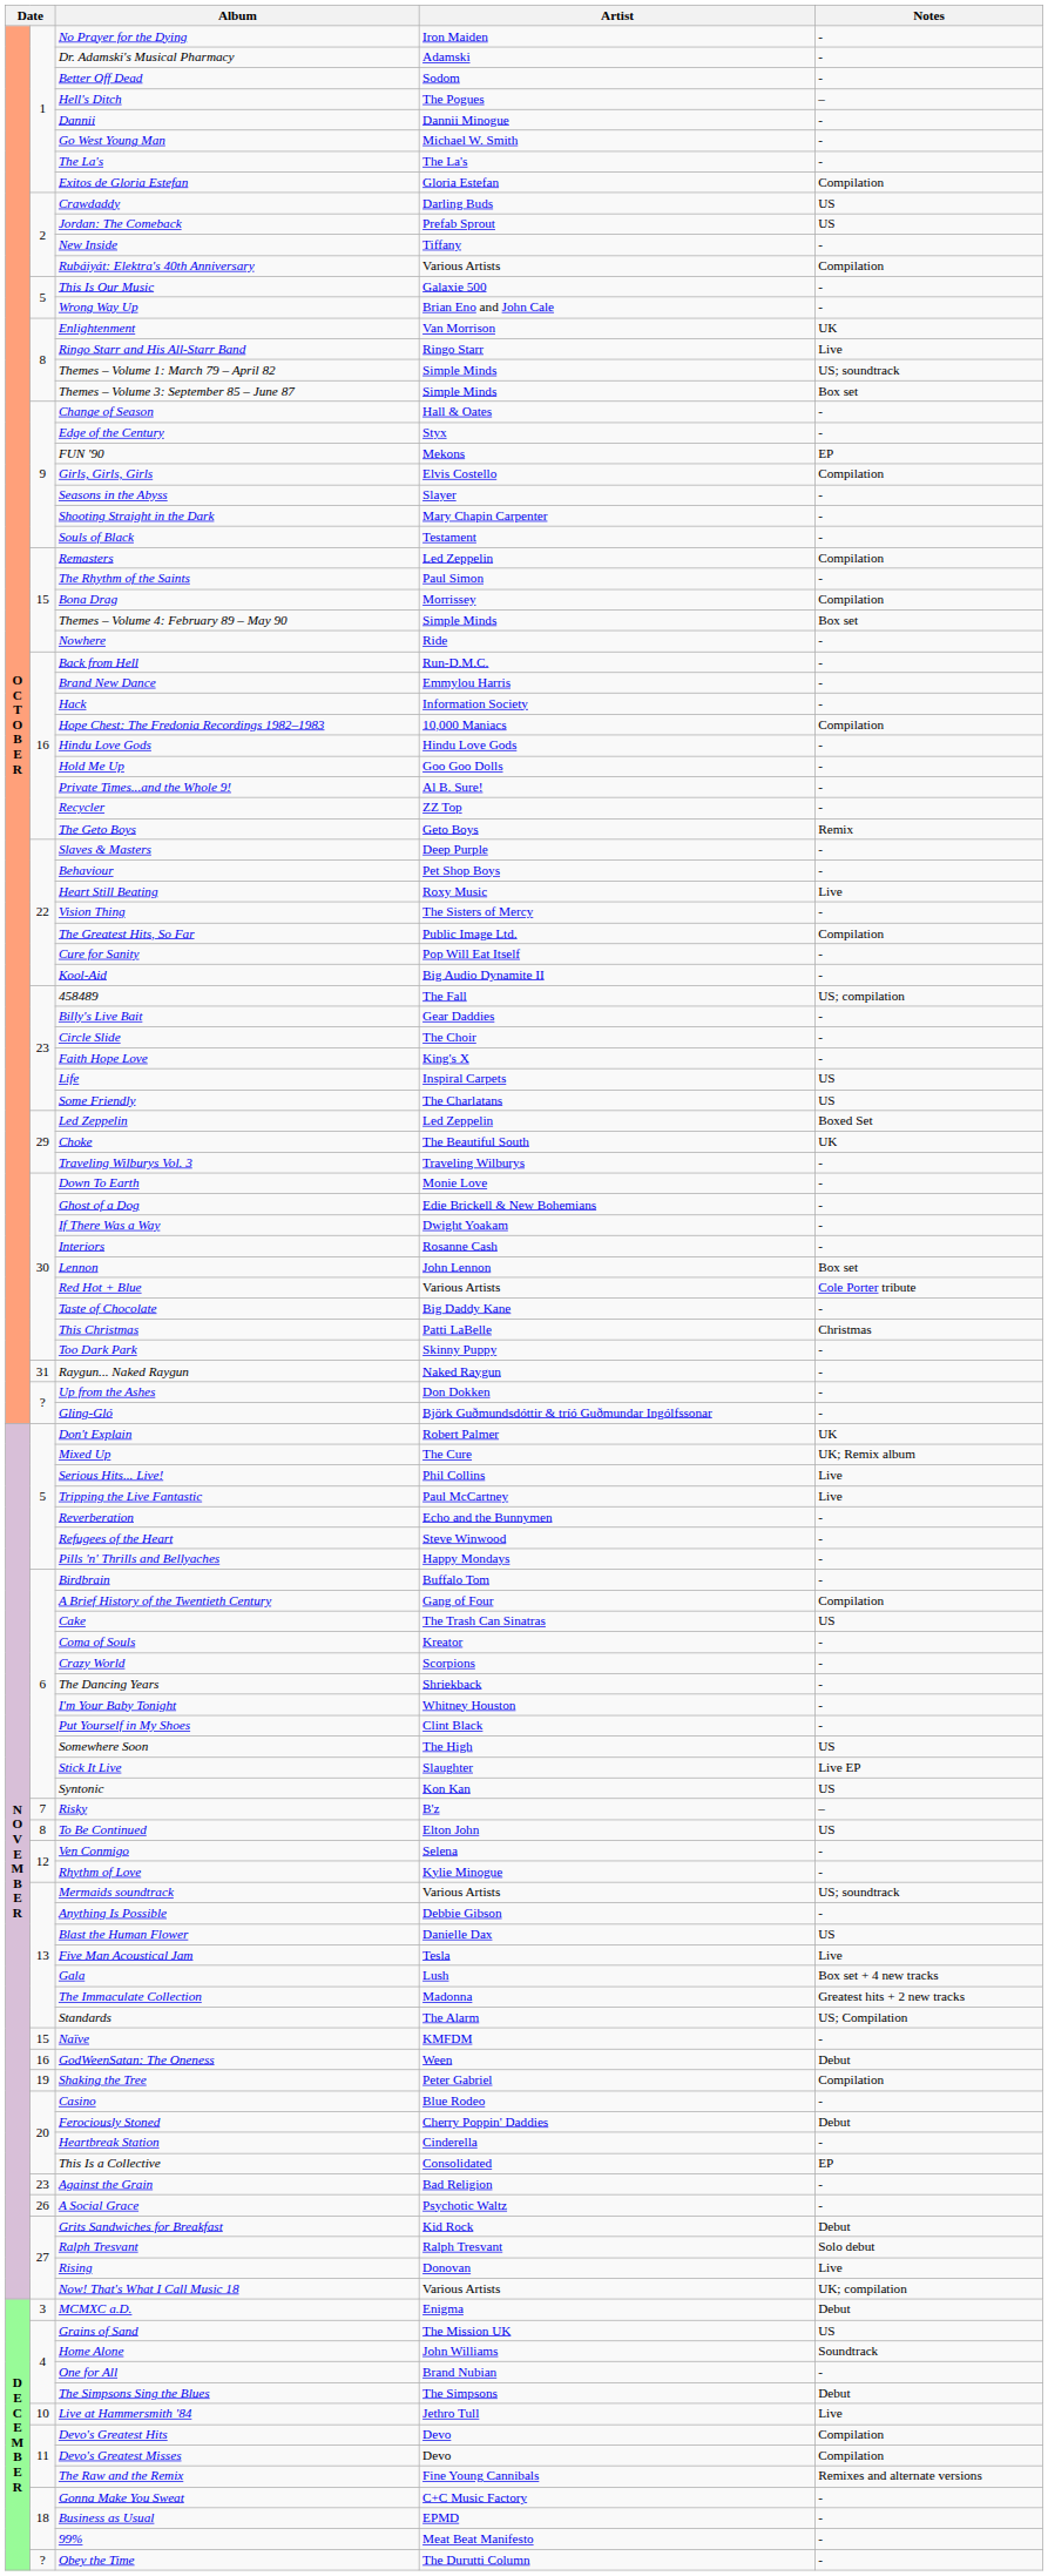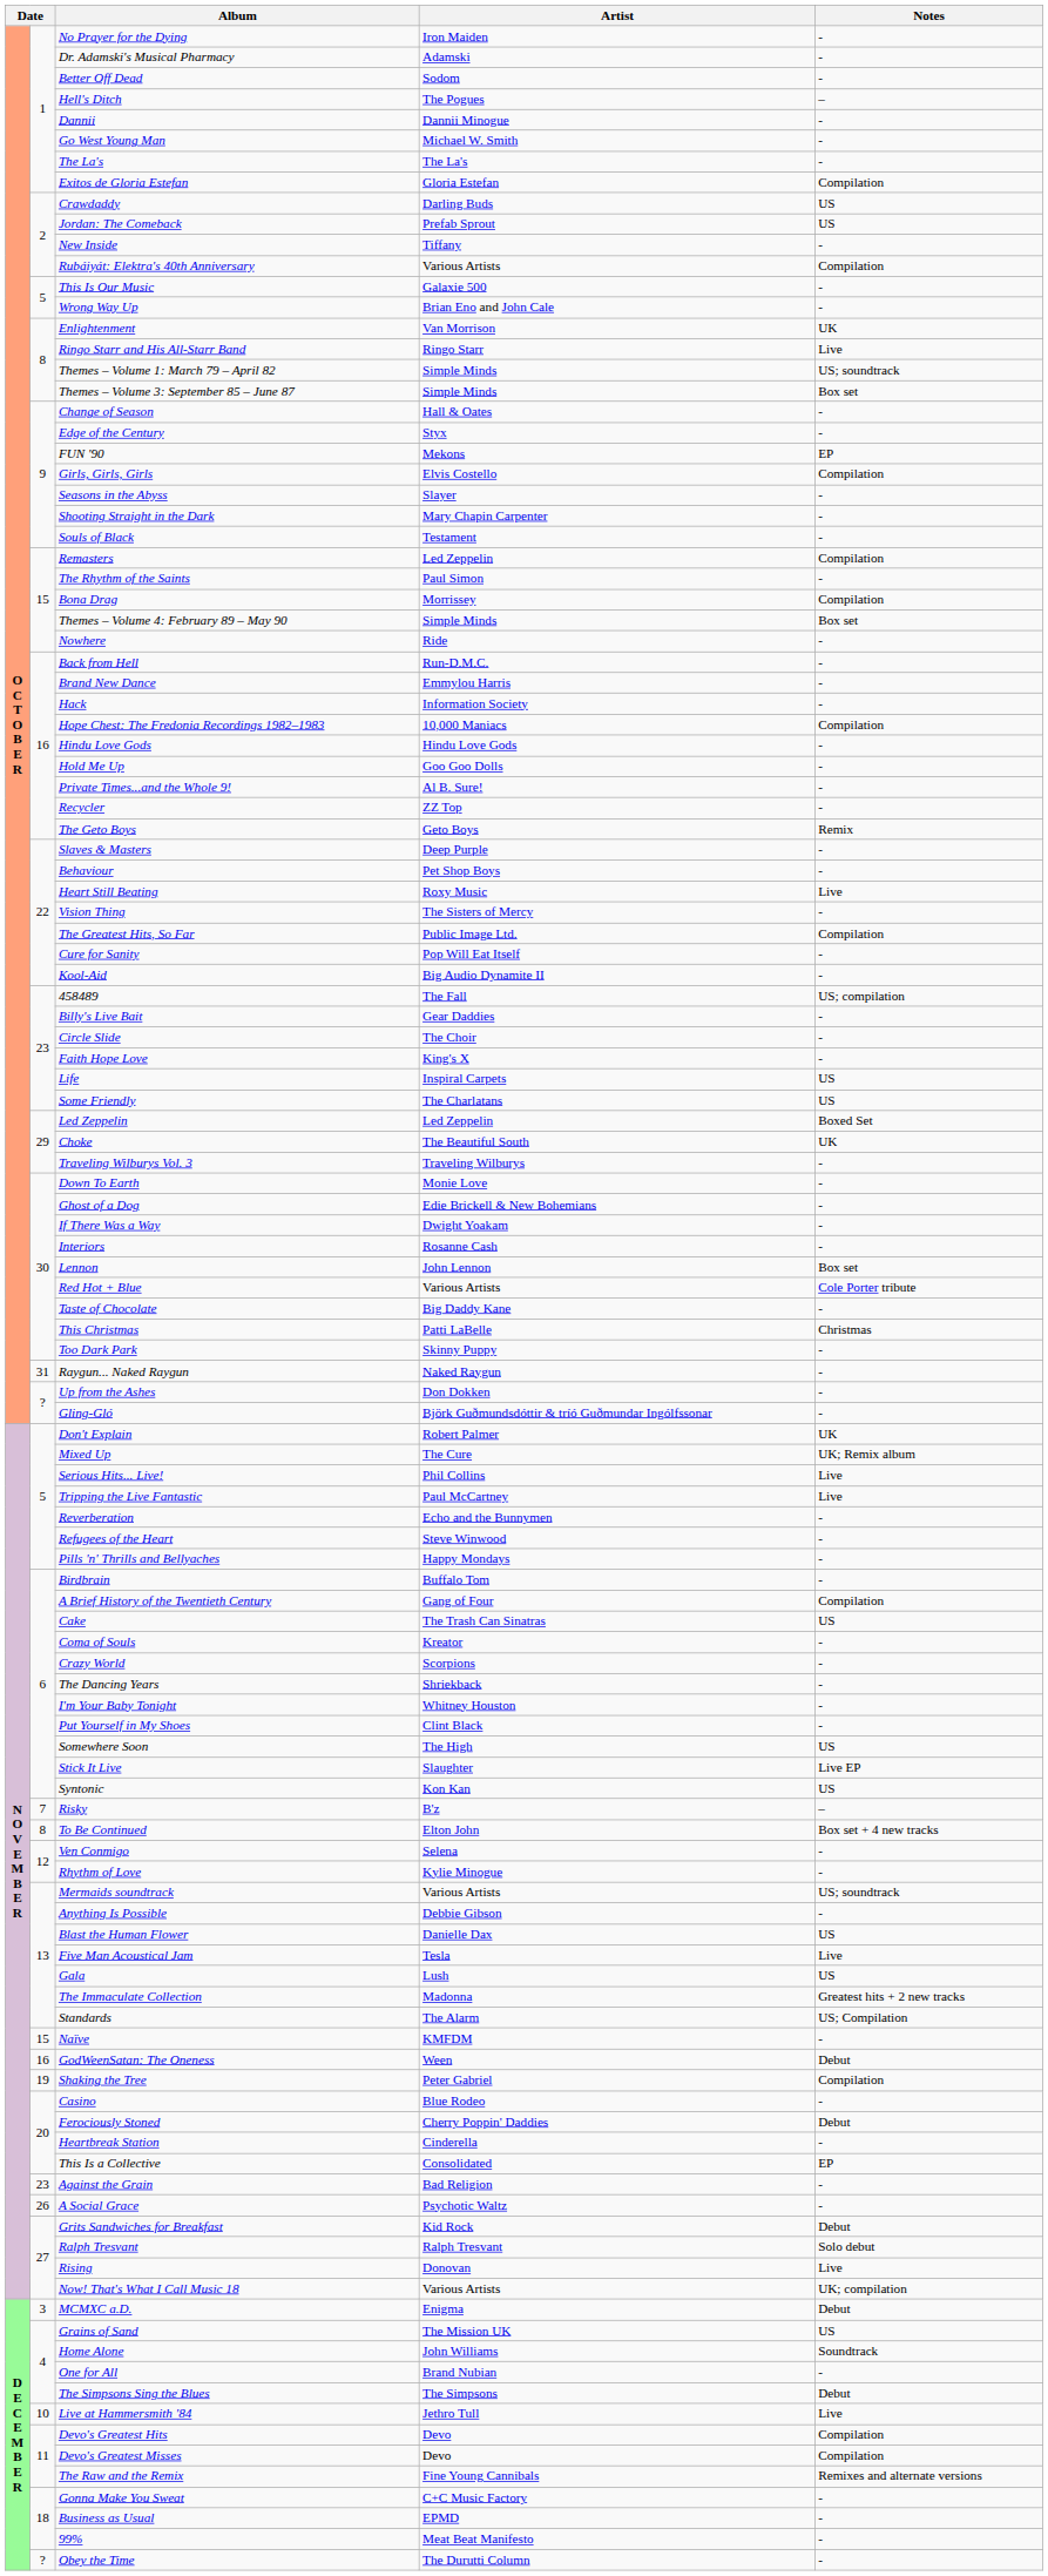 <table class="wikitable" width="100%">
 <tr>
 <th colspan="2">Date</th>
 <th>Album</th>
 <th>Artist</th>
 <th>Notes</th>
 </tr>
 <tr>
 <td rowspan="67" valign="center" align="center" style="background:#FFA07A; textcolor:#000;"><strong>O<br>C<br>T<br>O<br>B<br>E<br>R</strong></td>
 <td rowspan="8" align="center">1</td>
 <td><em><a href='#'>No Prayer for the Dying</a></em></td>
 <td><a href='#'>Iron Maiden</a></td>
 <td>-</td>
 </tr>
 <tr>
 <td><em>Dr. Adamski's Musical Pharmacy</em></td>
 <td><a href='#'>Adamski</a></td>
 <td>-</td>
 </tr>
 <tr>
 <td><em><a href='#'>Better Off Dead</a></em></td>
 <td><a href='#'>Sodom</a></td>
 <td>-</td>
 </tr>
 <tr>
 <td><em><a href='#'>Hell's Ditch</a></em></td>
 <td><a href='#'>The Pogues</a></td>
 <td>–</td>
 </tr>
 <tr>
 <td><em><a href='#'>Dannii</a></em></td>
 <td><a href='#'>Dannii Minogue</a></td>
 <td>-</td>
 </tr>
 <tr>
 <td><em><a href='#'>Go West Young Man</a></em></td>
 <td><a href='#'>Michael W. Smith</a></td>
 <td>-</td>
 </tr>
 <tr>
 <td><em><a href='#'>The La's</a></em></td>
 <td><a href='#'>The La's</a></td>
 <td>-</td>
 </tr>
 <tr>
 <td><em><a href='#'>Exitos de Gloria Estefan</a></em></td>
 <td><a href='#'>Gloria Estefan</a></td>
 <td>Compilation</td>
 </tr>
 <tr>
 <td rowspan="4" align="center">2</td>
 <td><em><a href='#'>Crawdaddy</a></em></td>
 <td><a href='#'>Darling Buds</a></td>
 <td>US</td>
 </tr>
 <tr>
 <td><em><a href='#'>Jordan: The Comeback</a></em></td>
 <td><a href='#'>Prefab Sprout</a></td>
 <td>US</td>
 </tr>
 <tr>
 <td><em><a href='#'>New Inside</a></em></td>
 <td><a href='#'>Tiffany</a></td>
 <td>-</td>
 </tr>
 <tr>
 <td><em><a href='#'>Rubáiyát: Elektra's 40th Anniversary</a></em></td>
 <td>Various Artists</td>
 <td>Compilation</td>
 </tr>
 <tr>
 <td rowspan="2" align="center">5</td>
 <td><em><a href='#'>This Is Our Music</a></em></td>
 <td><a href='#'>Galaxie 500</a></td>
 <td>-</td>
 </tr>
 <tr>
 <td><em><a href='#'>Wrong Way Up</a></em></td>
 <td><a href='#'>Brian Eno</a> and <a href='#'>John Cale</a></td>
 <td>-</td>
 </tr>
 <tr>
 <td rowspan="4" align="center">8</td>
 <td><em><a href='#'>Enlightenment</a></em></td>
 <td><a href='#'>Van Morrison</a></td>
 <td>UK</td>
 </tr>
 <tr>
 <td><em><a href='#'>Ringo Starr and His All-Starr Band</a></em></td>
 <td><a href='#'>Ringo Starr</a></td>
 <td>Live</td>
 </tr>
 <tr>
 <td><em>Themes – Volume 1: March 79 – April 82</em></td>
 <td><a href='#'>Simple Minds</a></td>
 <td>US; soundtrack</td>
 </tr>
 <tr>
 <td><em>Themes – Volume 3: September 85 – June 87</em></td>
 <td><a href='#'>Simple Minds</a></td>
 <td>Box set</td>
 </tr>
 <tr>
 <td rowspan="7" align="center">9</td>
 <td><em><a href='#'>Change of Season</a></em></td>
 <td><a href='#'>Hall & Oates</a></td>
 <td>-</td>
 </tr>
 <tr>
 <td><em><a href='#'>Edge of the Century</a></em></td>
 <td><a href='#'>Styx</a></td>
 <td>-</td>
 </tr>
 <tr>
 <td><em>FUN '90</em></td>
 <td><a href='#'>Mekons</a></td>
 <td>EP</td>
 </tr>
 <tr>
 <td><em><a href='#'>Girls, Girls, Girls</a></em></td>
 <td><a href='#'>Elvis Costello</a></td>
 <td>Compilation</td>
 </tr>
 <tr>
 <td><em><a href='#'>Seasons in the Abyss</a></em></td>
 <td><a href='#'>Slayer</a></td>
 <td>-</td>
 </tr>
 <tr>
 <td><em><a href='#'>Shooting Straight in the Dark</a></em></td>
 <td><a href='#'>Mary Chapin Carpenter</a></td>
 <td>-</td>
 </tr>
 <tr>
 <td><em><a href='#'>Souls of Black</a></em></td>
 <td><a href='#'>Testament</a></td>
 <td>-</td>
 </tr>
 <tr>
 <td rowspan="5" align="center">15</td>
 <td><em><a href='#'>Remasters</a></em></td>
 <td><a href='#'>Led Zeppelin</a></td>
 <td>Compilation</td>
 </tr>
 <tr>
 <td><em><a href='#'>The Rhythm of the Saints</a></em></td>
 <td><a href='#'>Paul Simon</a></td>
 <td>-</td>
 </tr>
 <tr>
 <td><em><a href='#'>Bona Drag</a></em></td>
 <td><a href='#'>Morrissey</a></td>
 <td>Compilation</td>
 </tr>
 <tr>
 <td><em>Themes – Volume 4: February 89 – May 90</em></td>
 <td><a href='#'>Simple Minds</a></td>
 <td>Box set</td>
 </tr>
 <tr>
 <td><em><a href='#'>Nowhere</a></em></td>
 <td><a href='#'>Ride</a></td>
 <td>-</td>
 </tr>
 <tr>
 <td rowspan="9" align="center">16</td>
 <td><em><a href='#'>Back from Hell</a></em></td>
 <td><a href='#'>Run-D.M.C.</a></td>
 <td>-</td>
 </tr>
 <tr>
 <td><em><a href='#'>Brand New Dance</a></em></td>
 <td><a href='#'>Emmylou Harris</a></td>
 <td>-</td>
 </tr>
 <tr>
 <td><em><a href='#'>Hack</a></em></td>
 <td><a href='#'>Information Society</a></td>
 <td>-</td>
 </tr>
 <tr>
 <td><em><a href='#'>Hope Chest: The Fredonia Recordings 1982–1983</a></em></td>
 <td><a href='#'>10,000 Maniacs</a></td>
 <td>Compilation</td>
 </tr>
 <tr>
 <td><em><a href='#'>Hindu Love Gods</a></em></td>
 <td><a href='#'>Hindu Love Gods</a></td>
 <td>-</td>
 </tr>
 <tr>
 <td><em><a href='#'>Hold Me Up</a></em></td>
 <td><a href='#'>Goo Goo Dolls</a></td>
 <td>-</td>
 </tr>
 <tr>
 <td><em><a href='#'>Private Times...and the Whole 9!</a></em></td>
 <td><a href='#'>Al B. Sure!</a></td>
 <td>-</td>
 </tr>
 <tr>
 <td><em><a href='#'>Recycler</a></em></td>
 <td><a href='#'>ZZ Top</a></td>
 <td>-</td>
 </tr>
 <tr>
 <td><em><a href='#'>The Geto Boys</a></em></td>
 <td><a href='#'>Geto Boys</a></td>
 <td>Remix</td>
 </tr>
 <tr>
 <td rowspan="7" align="center">22</td>
 <td><em><a href='#'>Slaves & Masters</a></em></td>
 <td><a href='#'>Deep Purple</a></td>
 <td>-</td>
 </tr>
 <tr>
 <td><em><a href='#'>Behaviour</a></em></td>
 <td><a href='#'>Pet Shop Boys</a></td>
 <td>-</td>
 </tr>
 <tr>
 <td><em><a href='#'>Heart Still Beating</a></em></td>
 <td><a href='#'>Roxy Music</a></td>
 <td>Live</td>
 </tr>
 <tr>
 <td><em><a href='#'>Vision Thing</a></em></td>
 <td><a href='#'>The Sisters of Mercy</a></td>
 <td>-</td>
 </tr>
 <tr>
 <td><em><a href='#'>The Greatest Hits, So Far</a></em></td>
 <td><a href='#'>Public Image Ltd.</a></td>
 <td>Compilation</td>
 </tr>
 <tr>
 <td><em><a href='#'>Cure for Sanity</a></em></td>
 <td><a href='#'>Pop Will Eat Itself</a></td>
 <td>-</td>
 </tr>
 <tr>
 <td><em><a href='#'>Kool-Aid</a></em></td>
 <td><a href='#'>Big Audio Dynamite II</a></td>
 <td>-</td>
 </tr>
 <tr>
 <td rowspan="6" align="center">23</td>
 <td><em>458489</em></td>
 <td><a href='#'>The Fall</a></td>
 <td>US; compilation</td>
 </tr>
 <tr>
 <td><em><a href='#'>Billy's Live Bait</a></em></td>
 <td><a href='#'>Gear Daddies</a></td>
 <td>-</td>
 </tr>
 <tr>
 <td><em><a href='#'>Circle Slide</a></em></td>
 <td><a href='#'>The Choir</a></td>
 <td>-</td>
 </tr>
 <tr>
 <td><em><a href='#'>Faith Hope Love</a></em></td>
 <td><a href='#'>King's X</a></td>
 <td>-</td>
 </tr>
 <tr>
 <td><em><a href='#'>Life</a></em></td>
 <td><a href='#'>Inspiral Carpets</a></td>
 <td>US</td>
 </tr>
 <tr>
 <td><em><a href='#'>Some Friendly</a></em></td>
 <td><a href='#'>The Charlatans</a></td>
 <td>US</td>
 </tr>
 <tr>
 <td rowspan="3" align="center">29</td>
 <td><em><a href='#'>Led Zeppelin</a></em></td>
 <td><a href='#'>Led Zeppelin</a></td>
 <td>Boxed Set</td>
 </tr>
 <tr>
 <td><em><a href='#'>Choke</a></em></td>
 <td><a href='#'>The Beautiful South</a></td>
 <td>UK</td>
 </tr>
 <tr>
 <td><em><a href='#'>Traveling Wilburys Vol. 3</a></em></td>
 <td><a href='#'>Traveling Wilburys</a></td>
 <td>-</td>
 </tr>
 <tr>
 <td rowspan="9" align="center">30</td>
 <td><em><a href='#'>Down To Earth</a></em></td>
 <td><a href='#'>Monie Love</a></td>
 <td>-</td>
 </tr>
 <tr>
 <td><em><a href='#'>Ghost of a Dog</a></em></td>
 <td><a href='#'>Edie Brickell & New Bohemians</a></td>
 <td>-</td>
 </tr>
 <tr>
 <td><em><a href='#'>If There Was a Way</a></em></td>
 <td><a href='#'>Dwight Yoakam</a></td>
 <td>-</td>
 </tr>
 <tr>
 <td><em><a href='#'>Interiors</a></em></td>
 <td><a href='#'>Rosanne Cash</a></td>
 <td>-</td>
 </tr>
 <tr>
 <td><em><a href='#'>Lennon</a></em></td>
 <td><a href='#'>John Lennon</a></td>
 <td>Box set</td>
 </tr>
 <tr>
 <td><em><a href='#'>Red Hot + Blue</a></em></td>
 <td>Various Artists</td>
 <td><a href='#'>Cole Porter</a> tribute</td>
 </tr>
 <tr>
 <td><em><a href='#'>Taste of Chocolate</a></em></td>
 <td><a href='#'>Big Daddy Kane</a></td>
 <td>-</td>
 </tr>
 <tr>
 <td><em><a href='#'>This Christmas</a></em></td>
 <td><a href='#'>Patti LaBelle</a></td>
 <td>Christmas</td>
 </tr>
 <tr>
 <td><em><a href='#'>Too Dark Park</a></em></td>
 <td><a href='#'>Skinny Puppy</a></td>
 <td>-</td>
 </tr>
 <tr>
 <td align="center">31</td>
 <td><em>Raygun... Naked Raygun</em></td>
 <td><a href='#'>Naked Raygun</a></td>
 <td>-</td>
 </tr>
 <tr>
 <td rowspan="2" align="center">?</td>
 <td><em><a href='#'>Up from the Ashes</a></em></td>
 <td><a href='#'>Don Dokken</a></td>
 <td>-</td>
 </tr>
 <tr>
 <td><em><a href='#'>Gling-Gló</a></em></td>
 <td><a href='#'>Björk Guðmundsdóttir & tríó Guðmundar Ingólfssonar</a></td>
 <td>-</td>
 </tr>
 <tr>
 <td rowspan="42" valign="center" align="center" style="background:#D8BFD8; textcolor:#000;"><strong>N<br>O<br>V<br>E<br>M<br>B<br>E<br>R</strong></td>
 <td rowspan="7" align="center">5</td>
 <td><em><a href='#'>Don't Explain</a></em></td>
 <td><a href='#'>Robert Palmer</a></td>
 <td>UK</td>
 </tr>
 <tr>
 <td><em><a href='#'>Mixed Up</a></em></td>
 <td><a href='#'>The Cure</a></td>
 <td>UK; Remix album</td>
 </tr>
 <tr>
 <td><em><a href='#'>Serious Hits... Live!</a></em></td>
 <td><a href='#'>Phil Collins</a></td>
 <td>Live</td>
 </tr>
 <tr>
 <td><em><a href='#'>Tripping the Live Fantastic</a></em></td>
 <td><a href='#'>Paul McCartney</a></td>
 <td>Live</td>
 </tr>
 <tr>
 <td><em><a href='#'>Reverberation</a></em></td>
 <td><a href='#'>Echo and the Bunnymen</a></td>
 <td>-</td>
 </tr>
 <tr>
 <td><em><a href='#'>Refugees of the Heart</a></em></td>
 <td><a href='#'>Steve Winwood</a></td>
 <td>-</td>
 </tr>
 <tr>
 <td><em><a href='#'>Pills 'n' Thrills and Bellyaches</a></em></td>
 <td><a href='#'>Happy Mondays</a></td>
 <td>-</td>
 </tr>
 <tr>
 <td rowspan="11" align="center">6</td>
 <td><em><a href='#'>Birdbrain</a></em></td>
 <td><a href='#'>Buffalo Tom</a></td>
 <td>-</td>
 </tr>
 <tr>
 <td><em><a href='#'>A Brief History of the Twentieth Century</a></em></td>
 <td><a href='#'>Gang of Four</a></td>
 <td>Compilation</td>
 </tr>
 <tr>
 <td><em><a href='#'>Cake</a></em></td>
 <td><a href='#'>The Trash Can Sinatras</a></td>
 <td>US</td>
 </tr>
 <tr>
 <td><em><a href='#'>Coma of Souls</a></em></td>
 <td><a href='#'>Kreator</a></td>
 <td>-</td>
 </tr>
 <tr>
 <td><em><a href='#'>Crazy World</a></em></td>
 <td><a href='#'>Scorpions</a></td>
 <td>-</td>
 </tr>
 <tr>
 <td><em>The Dancing Years</em></td>
 <td><a href='#'>Shriekback</a></td>
 <td>-</td>
 </tr>
 <tr>
 <td><em><a href='#'>I'm Your Baby Tonight</a></em></td>
 <td><a href='#'>Whitney Houston</a></td>
 <td>-</td>
 </tr>
 <tr>
 <td><em><a href='#'>Put Yourself in My Shoes</a></em></td>
 <td><a href='#'>Clint Black</a></td>
 <td>-</td>
 </tr>
 <tr>
 <td><em>Somewhere Soon</em></td>
 <td><a href='#'>The High</a></td>
 <td>US</td>
 </tr>
 <tr>
 <td><em><a href='#'>Stick It Live</a></em></td>
 <td><a href='#'>Slaughter</a></td>
 <td>Live EP</td>
 </tr>
 <tr>
 <td><em>Syntonic</em></td>
 <td><a href='#'>Kon Kan</a></td>
 <td>US</td>
 </tr>
 <tr>
 <td style="text-align:center;">7</td>
 <td><em><a href='#'>Risky</a></em></td>
 <td><a href='#'>B'z</a></td>
 <td>–</td>
 </tr>
 <tr>
 <td rowspan="1" align="center">8</td>
 <td><em><a href='#'>To Be Continued</a></em></td>
 <td><a href='#'>Elton John</a></td>
-<td>US</td>
+<td>Box set + 4 new tracks</td>
 </tr>
 <tr>
 <td rowspan="2" align="center">12</td>
 <td><em><a href='#'>Ven Conmigo</a></em></td>
 <td><a href='#'>Selena</a></td>
 <td>-</td>
 </tr>
 <tr>
 <td><em><a href='#'>Rhythm of Love</a></em></td>
 <td><a href='#'>Kylie Minogue</a></td>
 <td>-</td>
 </tr>
 <tr>
 <td rowspan="7" align="center">13</td>
 <td><em><a href='#'>Mermaids soundtrack</a></em></td>
 <td>Various Artists</td>
 <td>US; soundtrack</td>
 </tr>
 <tr>
 <td><em><a href='#'>Anything Is Possible</a></em></td>
 <td><a href='#'>Debbie Gibson</a></td>
 <td>-</td>
 </tr>
 <tr>
 <td><em><a href='#'>Blast the Human Flower</a></em></td>
 <td><a href='#'>Danielle Dax</a></td>
 <td>US</td>
 </tr>
 <tr>
 <td><em><a href='#'>Five Man Acoustical Jam</a></em></td>
 <td><a href='#'>Tesla</a></td>
 <td>Live</td>
 </tr>
 <tr>
 <td><em><a href='#'>Gala</a></em></td>
 <td><a href='#'>Lush</a></td>
-<td>Box set + 4 new tracks</td>
+<td>US</td>
 </tr>
 <tr>
 <td><em><a href='#'>The Immaculate Collection</a></em></td>
 <td><a href='#'>Madonna</a></td>
 <td>Greatest hits + 2 new tracks</td>
 </tr>
 <tr>
 <td><em>Standards</em></td>
 <td><a href='#'>The Alarm</a></td>
 <td>US; Compilation</td>
 </tr>
 <tr>
 <td align="center">15</td>
 <td><em><a href='#'>Naïve</a></em></td>
 <td><a href='#'>KMFDM</a></td>
 <td>-</td>
 </tr>
 <tr>
 <td align="center">16</td>
 <td><em><a href='#'>GodWeenSatan: The Oneness</a></em></td>
 <td><a href='#'>Ween</a></td>
 <td>Debut</td>
 </tr>
 <tr>
 <td align="center">19</td>
 <td><em><a href='#'>Shaking the Tree</a></em></td>
 <td><a href='#'>Peter Gabriel</a></td>
 <td>Compilation</td>
 </tr>
 <tr>
 <td rowspan="4" align="center">20</td>
 <td><em><a href='#'>Casino</a></em></td>
 <td><a href='#'>Blue Rodeo</a></td>
 <td>-</td>
 </tr>
 <tr>
 <td><em><a href='#'>Ferociously Stoned</a></em></td>
 <td><a href='#'>Cherry Poppin' Daddies</a></td>
 <td>Debut</td>
 </tr>
 <tr>
 <td><em><a href='#'>Heartbreak Station</a></em></td>
 <td><a href='#'>Cinderella</a></td>
 <td>-</td>
 </tr>
 <tr>
 <td><em>This Is a Collective</em></td>
 <td><a href='#'>Consolidated</a></td>
 <td>EP</td>
 </tr>
 <tr>
 <td align="center">23</td>
 <td><em><a href='#'>Against the Grain</a></em></td>
 <td><a href='#'>Bad Religion</a></td>
 <td>-</td>
 </tr>
 <tr>
 <td align="center">26</td>
 <td><em><a href='#'>A Social Grace</a></em></td>
 <td><a href='#'>Psychotic Waltz</a></td>
 <td>-</td>
 </tr>
 <tr>
 <td rowspan="4" align="center">27</td>
 <td><em><a href='#'>Grits Sandwiches for Breakfast</a></em></td>
 <td><a href='#'>Kid Rock</a></td>
 <td>Debut</td>
 </tr>
 <tr>
 <td><em><a href='#'>Ralph Tresvant</a></em></td>
 <td><a href='#'>Ralph Tresvant</a></td>
 <td>Solo debut</td>
 </tr>
 <tr>
 <td><em><a href='#'>Rising</a></em></td>
 <td><a href='#'>Donovan</a></td>
 <td>Live</td>
 </tr>
 <tr>
 <td><em><a href='#'>Now! That's What I Call Music 18</a></em></td>
 <td>Various Artists</td>
 <td>UK; compilation</td>
 </tr>
 <tr>
 <td rowspan="14" valign="center" align="center" style="background:#98FB98; textcolor:#000;"><strong>D<br>E<br>C<br>E<br>M<br>B<br>E<br>R</strong></td>
 <td align="center">3</td>
 <td><em><a href='#'>MCMXC a.D.</a></em></td>
 <td><a href='#'>Enigma</a></td>
 <td>Debut</td>
 </tr>
 <tr>
 <td rowspan="4" align="center">4</td>
 <td><em><a href='#'>Grains of Sand</a></em></td>
 <td><a href='#'>The Mission UK</a></td>
 <td>US</td>
 </tr>
 <tr>
 <td><em><a href='#'>Home Alone</a></em></td>
 <td><a href='#'>John Williams</a></td>
 <td>Soundtrack</td>
 </tr>
 <tr>
 <td><em><a href='#'>One for All</a></em></td>
 <td><a href='#'>Brand Nubian</a></td>
 <td>-</td>
 </tr>
 <tr>
 <td><em><a href='#'>The Simpsons Sing the Blues</a></em></td>
 <td><a href='#'>The Simpsons</a></td>
 <td>Debut</td>
 </tr>
 <tr>
 <td align="center">10</td>
 <td><em><a href='#'>Live at Hammersmith '84</a></em></td>
 <td><a href='#'>Jethro Tull</a></td>
 <td>Live</td>
 </tr>
 <tr>
 <td rowspan="3" align="center">11</td>
 <td><em><a href='#'>Devo's Greatest Hits</a></em></td>
 <td><a href='#'>Devo</a></td>
 <td>Compilation</td>
 </tr>
 <tr>
 <td><em><a href='#'>Devo's Greatest Misses</a></em></td>
 <td>Devo</td>
 <td>Compilation</td>
 </tr>
 <tr>
 <td><em><a href='#'>The Raw and the Remix</a></em></td>
 <td><a href='#'>Fine Young Cannibals</a></td>
 <td>Remixes and alternate versions</td>
 </tr>
 <tr>
 <td rowspan="3" align="center">18</td>
 <td><em><a href='#'>Gonna Make You Sweat</a></em></td>
 <td><a href='#'>C+C Music Factory</a></td>
 <td>-</td>
 </tr>
 <tr>
 <td><em><a href='#'>Business as Usual</a></em></td>
 <td><a href='#'>EPMD</a></td>
 <td>-</td>
 </tr>
 <tr>
 <td><em><a href='#'>99%</a></em></td>
 <td><a href='#'>Meat Beat Manifesto</a></td>
 <td>-</td>
 </tr>
 <tr>
 <td align="center">?</td>
 <td><em><a href='#'>Obey the Time</a></em></td>
 <td><a href='#'>The Durutti Column</a></td>
 <td>-</td>
 </tr>
 </table>
